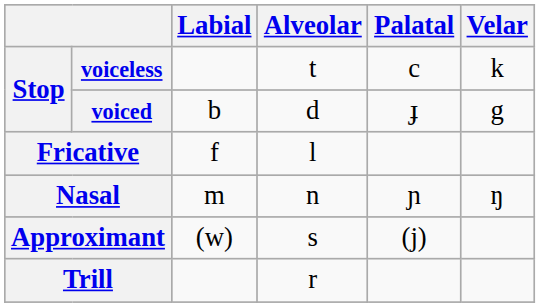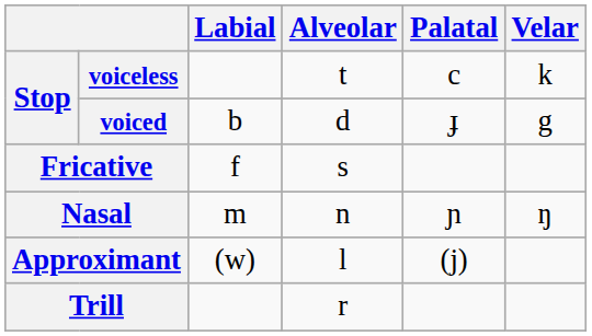 <table class="wikitable" style="text-align:center">
 <tr>
 <th colspan="2"></th>
 <th><a href='#'>Labial</a></th>
 <th><a href='#'>Alveolar</a></th>
 <th><a href='#'>Palatal</a></th>
 <th><a href='#'>Velar</a></th>
 </tr>
 <tr>
 <th rowspan="2"><a href='#'>Stop</a></th>
 <th><small><a href='#'>voiceless</a></small></th>
 <td></td>
 <td>t</td>
 <td>c</td>
 <td>k</td>
 </tr>
 <tr>
 <th><a href='#'><small>voiced</small></a></th>
 <td>b</td>
 <td>d</td>
 <td>ɟ</td>
 <td>g</td>
 </tr>
 <tr>
 <th colspan="2"><a href='#'>Fricative</a></th>
 <td>f</td>
-<td>l</td>
+<td>s</td>
 <td></td>
 <td></td>
 </tr>
 <tr>
 <th colspan="2"><a href='#'>Nasal</a></th>
 <td>m</td>
 <td>n</td>
 <td>ɲ</td>
 <td>ŋ</td>
 </tr>
 <tr>
 <th colspan="2"><a href='#'>Approximant</a></th>
 <td>(w)</td>
-<td>s</td>
+<td>l</td>
 <td>(j)</td>
 <td></td>
 </tr>
 <tr>
 <th colspan="2"><a href='#'>Trill</a></th>
 <td></td>
 <td>r</td>
 <td></td>
 <td></td>
 </tr>
 </table>
